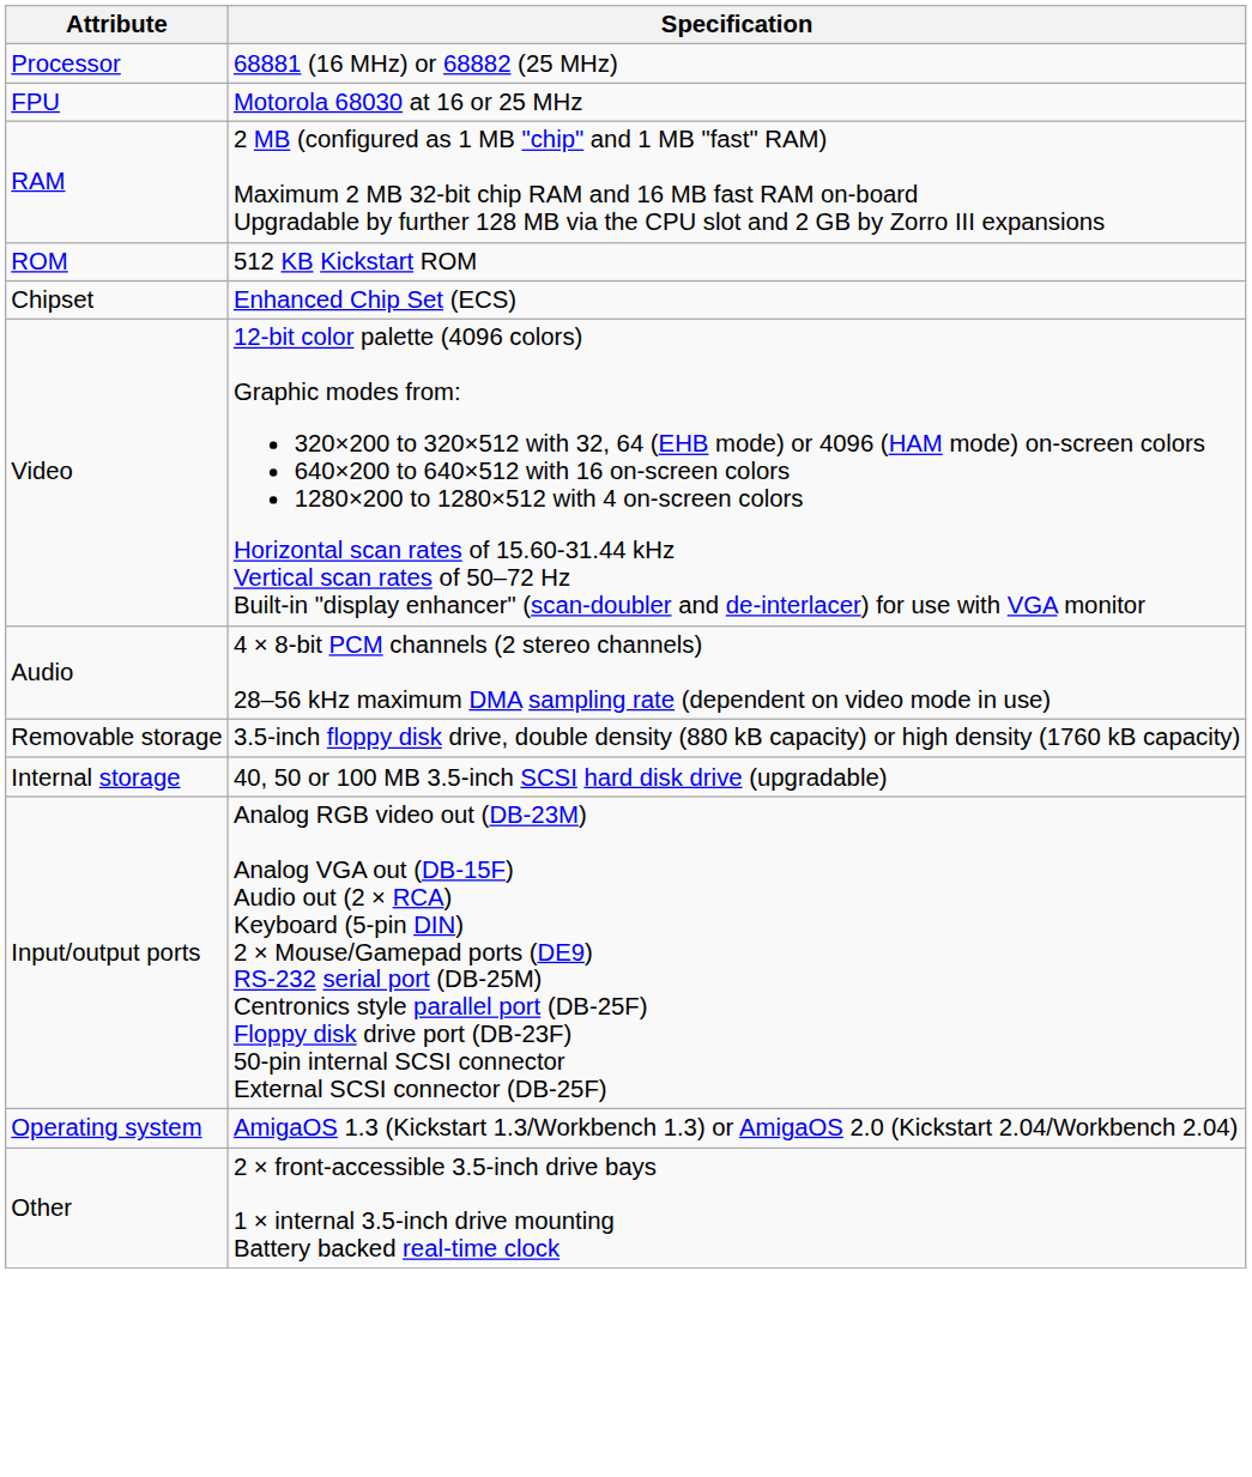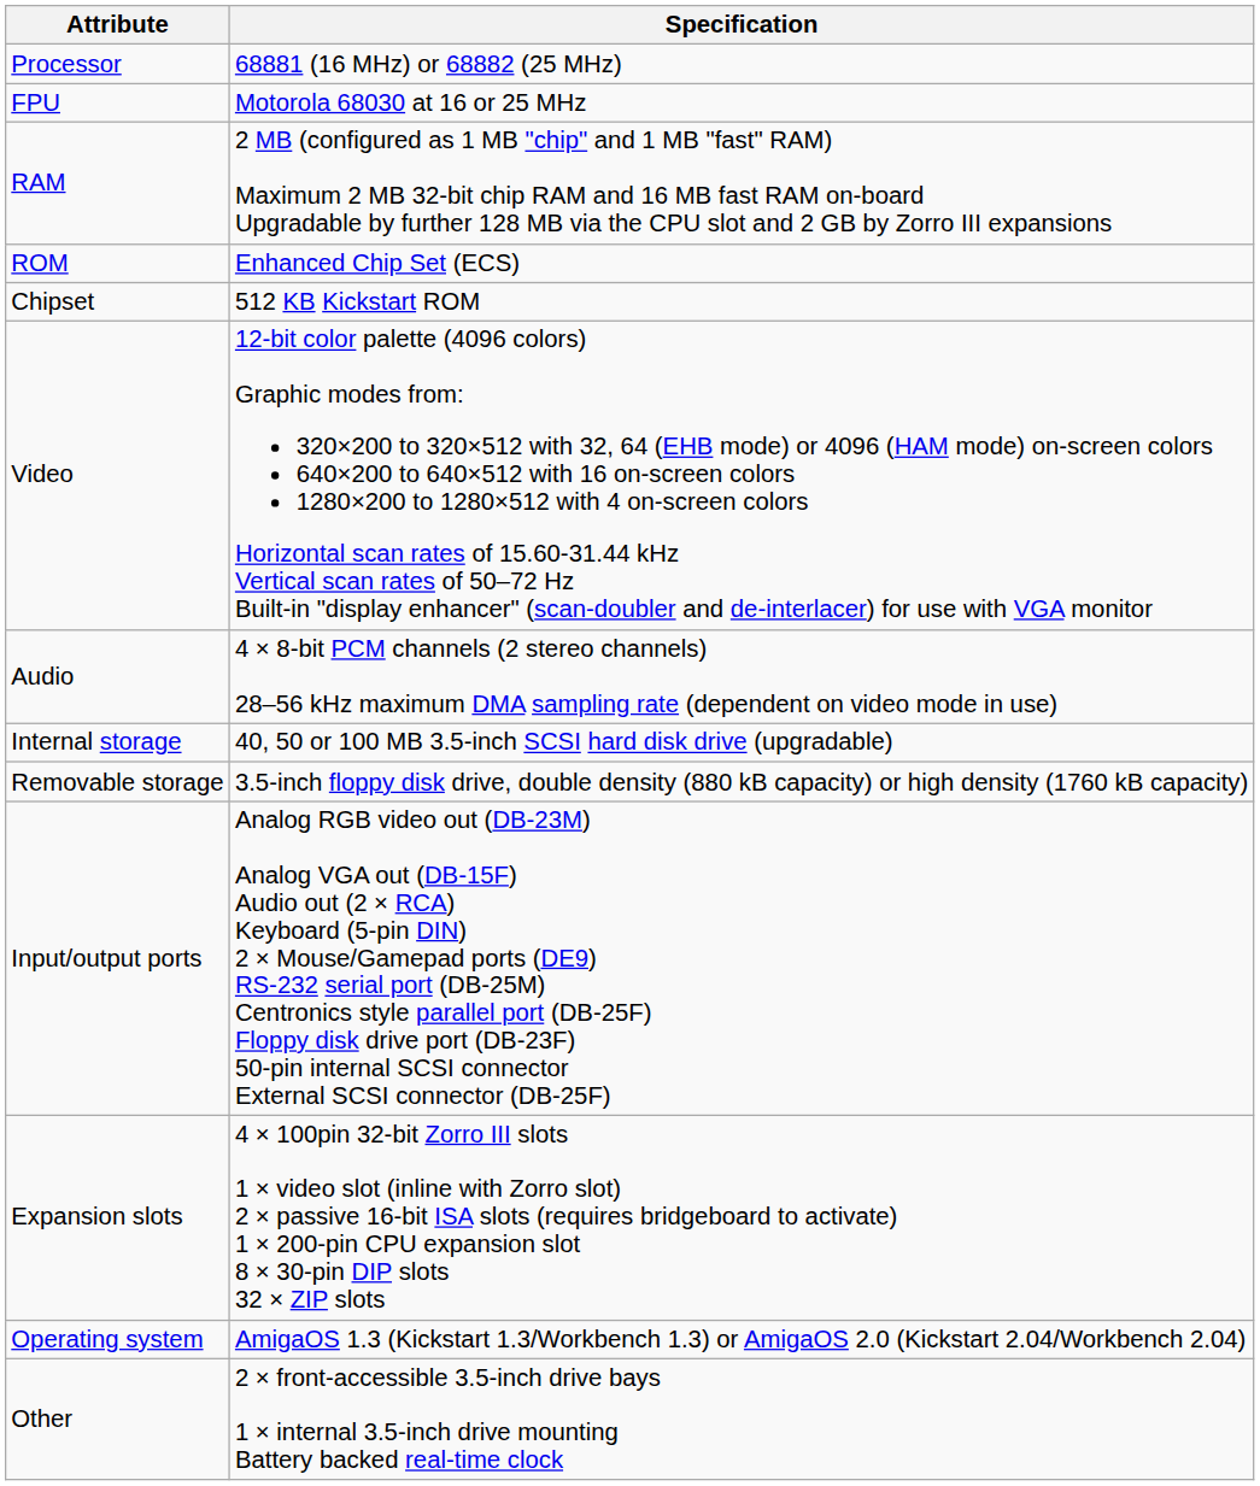 <table class="wikitable">
 <tr>
 <th>Attribute</th>
 <th>Specification</th>
 </tr>
 <tr>
 <td><a href='#'>Processor</a></td>
 <td><a href='#'>68881</a> (16 MHz) or <a href='#'>68882</a> (25 MHz)</td>
 </tr>
 <tr>
 <td><a href='#'>FPU</a></td>
 <td><a href='#'>Motorola 68030</a> at 16 or 25 MHz</td>
 </tr>
 <tr>
 <td><a href='#'>RAM</a></td>
 <td>2 <a href='#'>MB</a> (configured as 1 MB <a href='#'>"chip"</a> and 1 MB "fast" RAM)<br><br>Maximum 2 MB 32-bit chip RAM and 16 MB fast RAM on-board<br> Upgradable by further 128 MB via the CPU slot and 2 GB by Zorro III expansions</td>
 </tr>
 <tr>
 <td><a href='#'>ROM</a></td>
-<td>512 <a href='#'>KB</a> <a href='#'>Kickstart</a> ROM</td>
+<td><a href='#'>Enhanced Chip Set</a> (ECS)</td>
 </tr>
 <tr>
 <td>Chipset</td>
-<td><a href='#'>Enhanced Chip Set</a> (ECS)</td>
+<td>512 <a href='#'>KB</a> <a href='#'>Kickstart</a> ROM</td>
 </tr>
 <tr>
 <td>Video</td>
 <td><a href='#'>12-bit color</a> palette (4096 colors)<br><br>Graphic modes from:<ul><li>320×200 to 320×512 with 32, 64 (<a href='#'>EHB</a> mode) or 4096 (<a href='#'>HAM</a> mode) on-screen colors</li><li>640×200 to 640×512 with 16 on-screen colors</li><li>1280×200 to 1280×512 with 4 on-screen colors</li></ul><a href='#'>Horizontal scan rates</a> of 15.60-31.44 kHz<br> <a href='#'>Vertical scan rates</a> of 50–72 Hz<br> Built-in "display enhancer" (<a href='#'>scan-doubler</a> and <a href='#'>de-interlacer</a>) for use with <a href='#'>VGA</a> monitor</td>
 </tr>
 <tr>
 <td>Audio</td>
 <td>4 × 8-bit <a href='#'>PCM</a> channels (2 stereo channels)<br><br>28–56 kHz maximum <a href='#'>DMA</a> <a href='#'>sampling rate</a> (dependent on video mode in use)</td>
 </tr>
 <tr>
+<td>Internal <a href='#'>storage</a></td>
+<td>40, 50 or 100 MB 3.5-inch <a href='#'>SCSI</a> <a href='#'>hard disk drive</a> (upgradable)</td>
+</tr>
+<tr>
 <td>Removable storage</td>
 <td>3.5-inch <a href='#'>floppy disk</a> drive, double density (880 kB capacity) or high density (1760 kB capacity)</td>
 </tr>
 <tr>
-<td>Internal <a href='#'>storage</a></td>
-<td>40, 50 or 100 MB 3.5-inch <a href='#'>SCSI</a> <a href='#'>hard disk drive</a> (upgradable)</td>
+<td>Input/output ports</td>
+<td>Analog RGB video out (<a href='#'>DB-23M</a>)<br><br>Analog VGA out (<a href='#'>DB-15F</a>)<br> Audio out (2 × <a href='#'>RCA</a>)<br> Keyboard (5-pin <a href='#'>DIN</a>)<br> 2 × Mouse/Gamepad ports (<a href='#'>DE9</a>)<br> <a href='#'>RS-232</a> <a href='#'>serial port</a> (DB-25M)<br> Centronics style <a href='#'>parallel port</a> (DB-25F)<br> <a href='#'>Floppy disk</a> drive port (DB-23F)<br> 50-pin internal SCSI connector<br> External SCSI connector (DB-25F)</td>
 </tr>
 <tr>
-<td>Input/output ports</td>
-<td>Analog RGB video out (<a href='#'>DB-23M</a>)<br><br>Analog VGA out (<a href='#'>DB-15F</a>)<br> Audio out (2 × <a href='#'>RCA</a>)<br> Keyboard (5-pin <a href='#'>DIN</a>)<br> 2 × Mouse/Gamepad ports (<a href='#'>DE9</a>)<br> <a href='#'>RS-232</a> <a href='#'>serial port</a> (DB-25M)<br> Centronics style <a href='#'>parallel port</a> (DB-25F)<br> <a href='#'>Floppy disk</a> drive port (DB-23F)<br> 50-pin internal SCSI connector<br> External SCSI connector (DB-25F)</td>
+<td>Expansion slots</td>
+<td>4 × 100pin 32-bit <a href='#'>Zorro III</a> slots<br><br>1 × video slot (inline with Zorro slot)<br> 2 × passive 16-bit <a href='#'>ISA</a> slots (requires bridgeboard to activate)<br> 1 × 200-pin CPU expansion slot<br> 8 × 30-pin <a href='#'>DIP</a> slots<br> 32 × <a href='#'>ZIP</a> slots</td>
 </tr>
 <tr>
 <td><a href='#'>Operating system</a></td>
 <td><a href='#'>AmigaOS</a> 1.3 (Kickstart 1.3/Workbench 1.3) or <a href='#'>AmigaOS</a> 2.0 (Kickstart 2.04/Workbench 2.04)</td>
 </tr>
 <tr>
 <td>Other</td>
 <td>2 × front-accessible 3.5-inch drive bays<br><br>1 × internal 3.5-inch drive mounting<br> Battery backed <a href='#'>real-time clock</a></td>
 </tr>
 </table>
